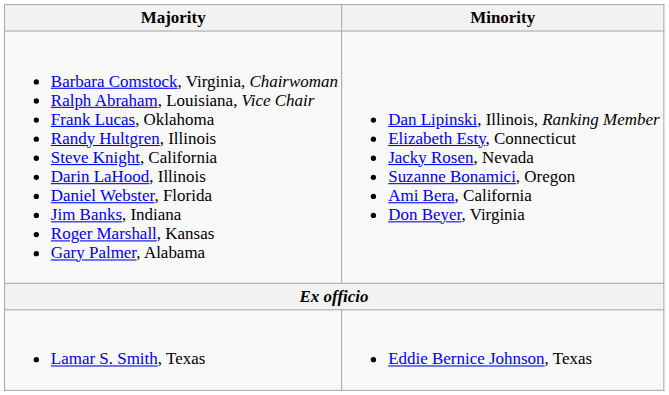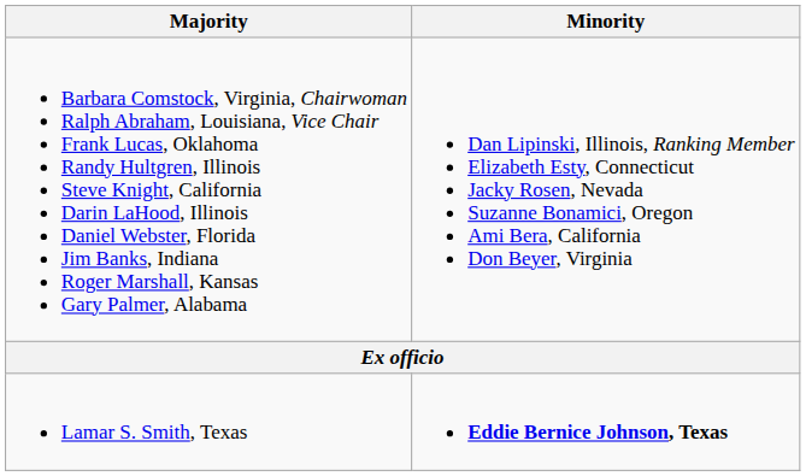 <table class=wikitable>
 <tr>
 <th>Majority</th>
 <th>Minority</th>
 </tr>
 <tr>
 <td><br><ul><li><a href='#'>Barbara Comstock</a>, Virginia, <em>Chairwoman</em></li><li><a href='#'>Ralph Abraham</a>, Louisiana, <em>Vice Chair</em></li><li><a href='#'>Frank Lucas</a>, Oklahoma</li><li><a href='#'>Randy Hultgren</a>, Illinois</li><li><a href='#'>Steve Knight</a>, California</li><li><a href='#'>Darin LaHood</a>, Illinois</li><li><a href='#'>Daniel Webster</a>, Florida</li><li><a href='#'>Jim Banks</a>, Indiana</li><li><a href='#'>Roger Marshall</a>, Kansas</li><li><a href='#'>Gary Palmer</a>, Alabama</li></ul></td>
 <td><br><ul><li><a href='#'>Dan Lipinski</a>, Illinois, <em>Ranking Member</em></li><li><a href='#'>Elizabeth Esty</a>, Connecticut</li><li><a href='#'>Jacky Rosen</a>, Nevada</li><li><a href='#'>Suzanne Bonamici</a>, Oregon</li><li><a href='#'>Ami Bera</a>, California</li><li><a href='#'>Don Beyer</a>, Virginia</li></ul></td>
 </tr>
 <tr>
 <th colspan=2><em>Ex officio</em></th>
 </tr>
 <tr>
 <td><br><ul><li><a href='#'>Lamar S. Smith</a>, Texas</li></ul></td>
-<td><br><ul><li><a href='#'>Eddie Bernice Johnson</a>, Texas</li></ul></td>
+<td><strong><br><ul><li><a href='#'>Eddie Bernice Johnson</a>, Texas</li></ul></strong></td>
 </tr>
 </table>
